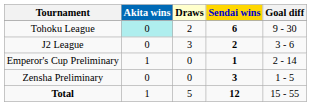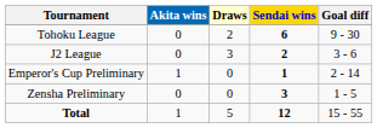 <table class="wikitable" style="text-align:center;">
 <tr>
 <th>Tournament</th>
 <th style="color:white; background:#006AB6;">Akita wins</th>
 <th style="color:black; background:#FFFFCC;">Draws</th>
 <th style="color:#0000CD; background:#FFD700;">Sendai wins</th>
 <th>Goal diff</th>
 </tr>
 <tr>
 </tr>
 <tr>
 <td>Tohoku League</td>
-<td style="background: paleturquoise;">0</td>
+<td>0</td>
 <td>2</td>
 <td><strong>6</strong></td>
 <td>9 - 30</td>
 </tr>
 <tr>
 <td>J2 League</td>
 <td>0</td>
 <td>3</td>
 <td><strong>2</strong></td>
 <td>3 - 6</td>
 </tr>
 <tr>
 <td>Emperor's Cup  Preliminary</td>
 <td>1</td>
 <td>0</td>
 <td><strong>1</strong></td>
 <td>2 - 14</td>
 </tr>
 <tr>
 <td>Zensha Preliminary</td>
 <td>0</td>
 <td>0</td>
 <td><strong>3 </strong></td>
 <td>1 - 5</td>
 </tr>
 <tr>
 <td><strong>Total</strong></td>
 <td>1</td>
 <td>5</td>
 <td><strong>12</strong></td>
 <td>15 - 55</td>
 </tr>
 </table>
